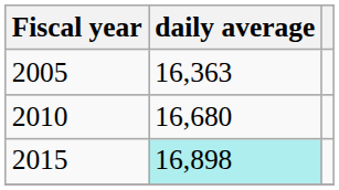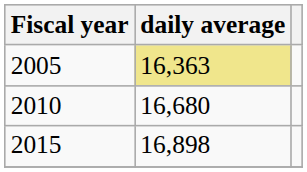 <table class="wikitable">
 <tr>
 <th>Fiscal year</th>
 <th>daily average</th>
 <th></th>
 </tr>
 <tr>
 <td>2005</td>
-<td>16,363</td>
+<td style="background: khaki;">16,363</td>
 <td></td>
 </tr>
 <tr>
 <td>2010</td>
 <td>16,680</td>
 <td></td>
 </tr>
 <tr>
 <td>2015</td>
-<td style="background: paleturquoise;">16,898</td>
+<td>16,898</td>
 <td></td>
 </tr>
 <tr>
 </tr>
 </table>
